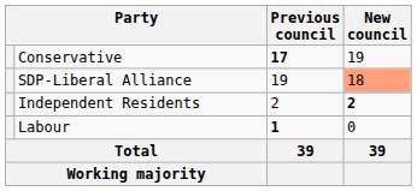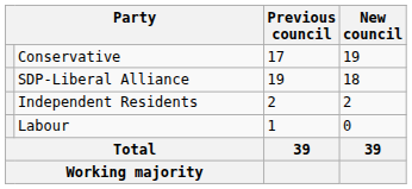 <table class="wikitable">
 <tr>
 <th valign=top colspan="2" style="width: 230px">Party</th>
 <th valign=top style="width: 30px">Previous council</th>
 <th valign=top style="width: 30px">New council</th>
 </tr>
 <tr>
 <th style="background-color: "></th>
 <td>Conservative</td>
-<td><strong>17</strong></td>
+<td>17</td>
 <td>19</td>
 </tr>
 <tr>
 <th style="background-color: "></th>
 <td>SDP-Liberal Alliance</td>
 <td>19</td>
-<td style="background: lightsalmon;">18</td>
+<td>18</td>
 </tr>
 <tr>
 <th style="background-color: "></th>
 <td>Independent Residents</td>
 <td>2</td>
-<td><strong>2</strong></td>
+<td>2</td>
 </tr>
 <tr>
 <th style="background-color: "></th>
 <td>Labour</td>
-<td><strong>1</strong></td>
+<td>1</td>
 <td>0</td>
 </tr>
 <tr>
 <th colspan=2>Total</th>
 <th style="text-align: center">39</th>
 <th colspan=3>39</th>
 </tr>
 <tr>
 <th colspan=2>Working majority</th>
 <th></th>
 <th></th>
 </tr>
 </table>
